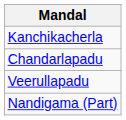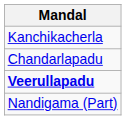 <table class="wikitable sortable static-row-numbers static-row-header-hash">
 <tr>
 <th>Mandal</th>
 </tr>
 <tr>
 <td><a href='#'>Kanchikacherla</a></td>
 </tr>
 <tr>
 <td><a href='#'>Chandarlapadu</a></td>
 </tr>
 <tr>
-<td><a href='#'>Veerullapadu</a></td>
+<td><strong><a href='#'>Veerullapadu</a></strong></td>
 </tr>
 <tr>
 <td><a href='#'>Nandigama (Part)</a></td>
 </tr>
 </table>
